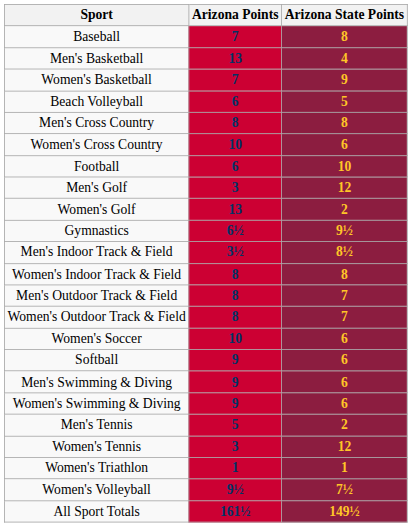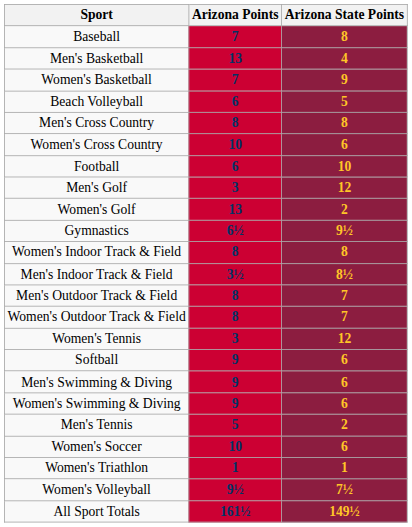 <table class="wikitable">
 <tr>
 <th>Sport</th>
 <th>Arizona Points</th>
 <th>Arizona State Points</th>
 </tr>
 <tr>
 <td align="center">Baseball</td>
 <th style="background:#CC0033; color:#003366;">7</th>
 <th style="background:#8C1D40; color:#FFC627;">8</th>
 </tr>
 <tr>
 <td align="center">Men's Basketball</td>
 <th style="background:#CC0033; color:#003366;">13</th>
 <th style="background:#8C1D40; color:#FFC627;">4</th>
 </tr>
 <tr>
 <td align="center">Women's Basketball</td>
 <th style="background:#CC0033; color:#003366;">7</th>
 <th style="background:#8C1D40; color:#FFC627;">9</th>
 </tr>
 <tr>
 <td align="center">Beach Volleyball</td>
 <th style="background:#CC0033; color:#003366;">6</th>
 <th style="background:#8C1D40; color:#FFC627;">5</th>
 </tr>
 <tr>
 <td align="center">Men's Cross Country</td>
 <th style="background:#CC0033; color:#003366;">8</th>
 <th style="background:#8C1D40; color:#FFC627;">8</th>
 </tr>
 <tr>
 <td align="center">Women's Cross Country</td>
 <th style="background:#CC0033; color:#003366;">10</th>
 <th style="background:#8C1D40; color:#FFC627;">6</th>
 </tr>
 <tr>
 <td align="center">Football</td>
 <th style="background:#CC0033; color:#003366;">6</th>
 <th style="background:#8C1D40; color:#FFC627;">10</th>
 </tr>
 <tr>
 <td align="center">Men's Golf</td>
 <th style="background:#CC0033; color:#003366;">3</th>
 <th style="background:#8C1D40; color:#FFC627;">12</th>
 </tr>
 <tr>
 <td align="center">Women's Golf</td>
 <th style="background:#CC0033; color:#003366;">13</th>
 <th style="background:#8C1D40; color:#FFC627;">2</th>
 </tr>
 <tr>
 <td align="center">Gymnastics</td>
 <th style="background:#CC0033; color:#003366;">6½</th>
 <th style="background:#8C1D40; color:#FFC627;">9½</th>
 </tr>
 <tr>
+<td align="center">Women's Indoor Track & Field</td>
+<th style="background:#CC0033; color:#003366;">8</th>
+<th style="background:#8C1D40; color:#FFC627;">8</th>
+</tr>
+<tr>
 <td align="center">Men's Indoor Track & Field</td>
 <th style="background:#CC0033; color:#003366;">3½</th>
 <th style="background:#8C1D40; color:#FFC627;">8½</th>
-</tr>
-<tr>
-<td align="center">Women's Indoor Track & Field</td>
-<th style="background:#CC0033; color:#003366;">8</th>
-<th style="background:#8C1D40; color:#FFC627;">8</th>
 </tr>
 <tr>
 <td align="center">Men's Outdoor Track & Field</td>
 <th style="background:#CC0033; color:#003366;">8</th>
 <th style="background:#8C1D40; color:#FFC627;">7</th>
 </tr>
 <tr>
 <td align="center">Women's Outdoor Track & Field</td>
 <th style="background:#CC0033; color:#003366;">8</th>
 <th style="background:#8C1D40; color:#FFC627;">7</th>
 </tr>
 <tr>
-<td align="center">Women's Soccer</td>
-<th style="background:#CC0033; color:#003366;">10</th>
-<th style="background:#8C1D40; color:#FFC627;">6</th>
+<td align="center">Women's Tennis</td>
+<th style="background:#CC0033; color:#003366;">3</th>
+<th style="background:#8C1D40; color:#FFC627;">12</th>
 </tr>
 <tr>
 <td align="center">Softball</td>
 <th style="background:#CC0033; color:#003366;">9</th>
 <th style="background:#8C1D40; color:#FFC627;">6</th>
 </tr>
 <tr>
 <td align="center">Men's Swimming & Diving</td>
 <th style="background:#CC0033; color:#003366;">9</th>
 <th style="background:#8C1D40; color:#FFC627;">6</th>
 </tr>
 <tr>
 <td align="center">Women's Swimming & Diving</td>
 <th style="background:#CC0033; color:#003366;">9</th>
 <th style="background:#8C1D40; color:#FFC627;">6</th>
 </tr>
 <tr>
 <td align="center">Men's Tennis</td>
 <th style="background:#CC0033; color:#003366;">5</th>
 <th style="background:#8C1D40; color:#FFC627;">2</th>
 </tr>
 <tr>
-<td align="center">Women's Tennis</td>
-<th style="background:#CC0033; color:#003366;">3</th>
-<th style="background:#8C1D40; color:#FFC627;">12</th>
+<td align="center">Women's Soccer</td>
+<th style="background:#CC0033; color:#003366;">10</th>
+<th style="background:#8C1D40; color:#FFC627;">6</th>
 </tr>
 <tr>
 <td align="center">Women's Triathlon</td>
 <th style="background:#CC0033; color:#003366;">1</th>
 <th style="background:#8C1D40; color:#FFC627;">1</th>
 </tr>
 <tr>
 <td align="center">Women's Volleyball</td>
 <th style="background:#CC0033; color:#003366;">9½</th>
 <th style="background:#8C1D40; color:#FFC627;">7½</th>
 </tr>
 <tr>
 <td align="center">All Sport Totals</td>
 <th style="background:#CC0033; color:#003366;">161½</th>
 <th style="background:#8C1D40; color:#FFC627;">149½</th>
 </tr>
 </table>
